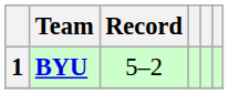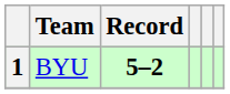 <table class="wikitable sortable collapsible collapsed plainrowheaders" style="font-size:90%;">
 <tr>
 <th scope=col></th>
 <th scope=col>Team</th>
 <th scope=col>Record</th>
 <th scope=col></th>
 <th scope=col></th>
 <th scope=col></th>
 </tr>
 <tr bgcolor=ccffcc>
 <th align=center>1</th>
-<td><strong> <a href='#'>BYU</a></strong></td>
-<td align=center>5–2</td>
+<td> <a href='#'>BYU</a></td>
+<td align=center><strong>5–2</strong></td>
 <td align=center></td>
 <td align=center></td>
 <td align=center></td>
 </tr>
 <tr bgcolor=ccffcc>
 </tr>
 </table>
